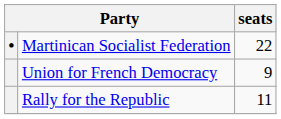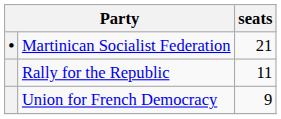 <table class="wikitable" style="font-size: 95%;">
 <tr>
 <th colspan=2>Party</th>
 <th>seats</th>
 </tr>
 <tr>
 <th style="background-color: "><span>•</span></th>
 <td><a href='#'>Martinican Socialist Federation</a></td>
-<td align="right">22</td>
+<td align="right">21</td>
+</tr>
+<tr>
+<th style="background-color: "></th>
+<td><a href='#'>Rally for the Republic</a></td>
+<td align="right">11</td>
 </tr>
 <tr>
 <th style="background-color: "></th>
 <td><a href='#'>Union for French Democracy</a></td>
 <td align="right">9</td>
 </tr>
 <tr>
-<th style="background-color: "></th>
-<td><a href='#'>Rally for the Republic</a></td>
-<td align="right">11</td>
-</tr>
-<tr>
 </tr>
 </table>
